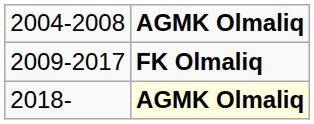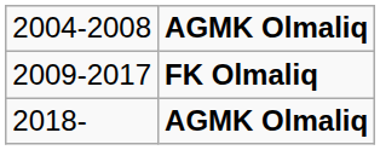 <table class="wikitable">
 <tr>
 <td>2004-2008</td>
 <td><strong>AGMK Olmaliq</strong></td>
 </tr>
 <tr>
 <td>2009-2017</td>
 <td><strong>FK Olmaliq</strong></td>
 </tr>
 <tr>
 <td>2018-</td>
-<td style="background: lightyellow;"><strong>AGMK Olmaliq</strong></td>
+<td><strong>AGMK Olmaliq</strong></td>
 </tr>
 </table>
